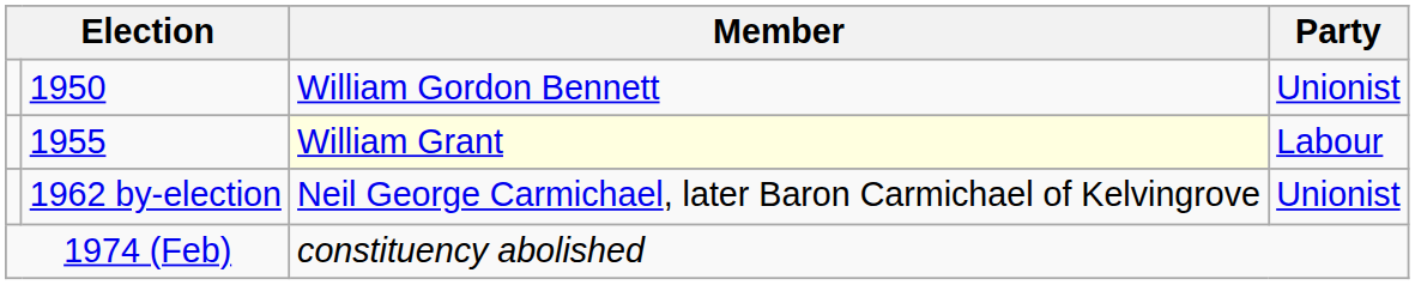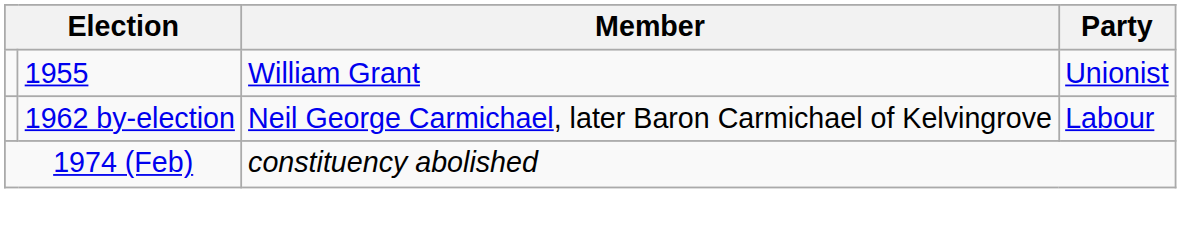 <table class="wikitable">
 <tr>
 <th colspan="2">Election</th>
 <th>Member</th>
 <th>Party</th>
 </tr>
 <tr>
 <td style="color:inherit;background-color: "></td>
-<td><a href='#'>1950</a></td>
-<td><a href='#'>William Gordon Bennett</a></td>
+<td><a href='#'>1955</a></td>
+<td><a href='#'>William Grant</a></td>
 <td><a href='#'>Unionist</a></td>
-</tr>
-<tr>
-<td style="color:inherit;background-color: "></td>
-<td><a href='#'>1955</a></td>
-<td style="background: lightyellow;"><a href='#'>William Grant</a></td>
-<td><a href='#'>Labour</a></td>
 </tr>
 <tr>
 <td style="color:inherit;background-color: "></td>
 <td><a href='#'>1962 by-election</a></td>
 <td><a href='#'>Neil George Carmichael</a>, later Baron Carmichael of Kelvingrove</td>
-<td><a href='#'>Unionist</a></td>
+<td><a href='#'>Labour</a></td>
 </tr>
 <tr>
 <td colspan="2" align="center"><a href='#'>1974 (Feb)</a></td>
 <td colspan="2"><em>constituency abolished</em></td>
 </tr>
 </table>
